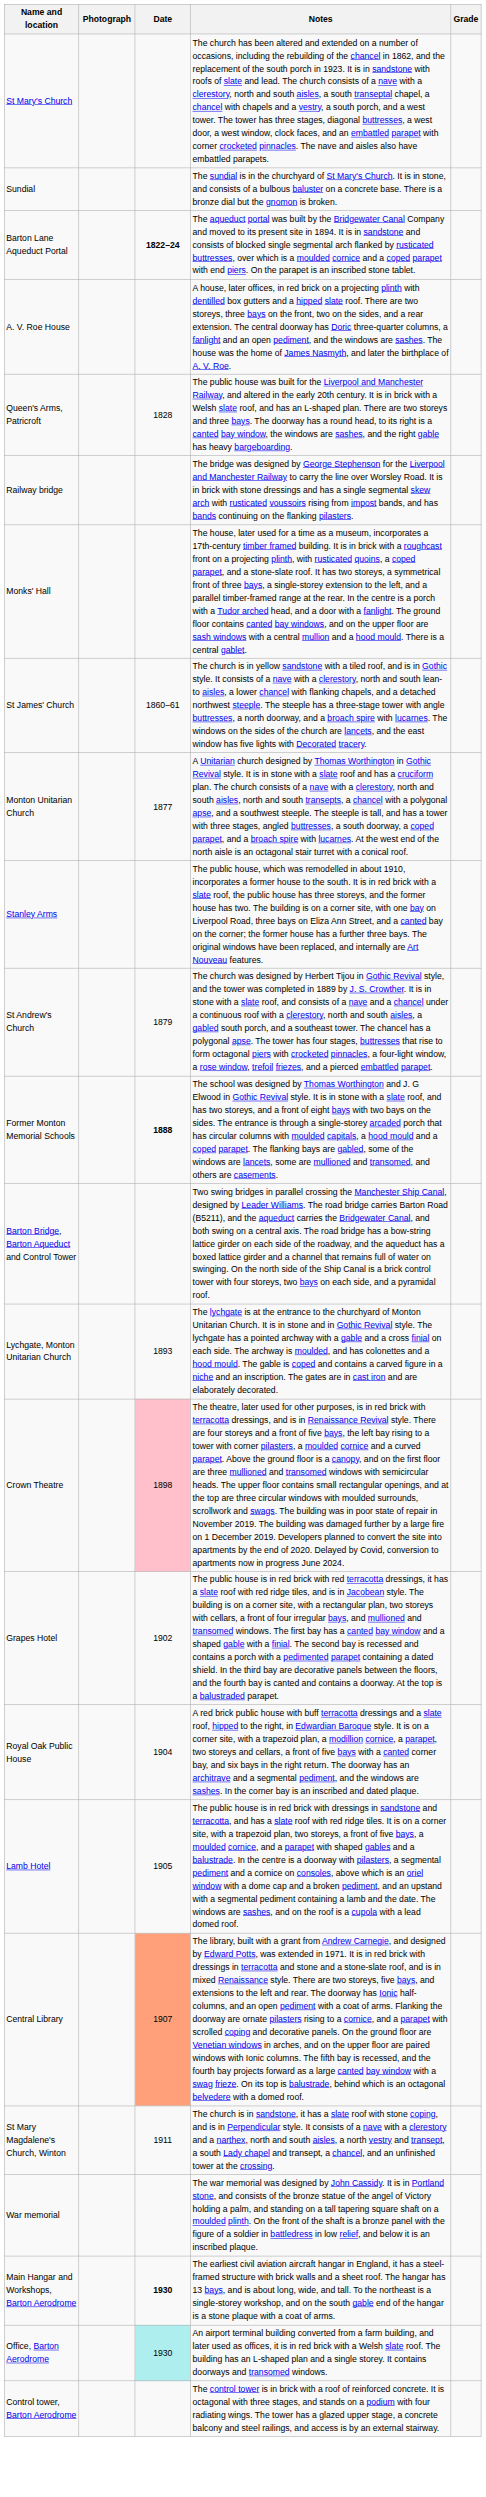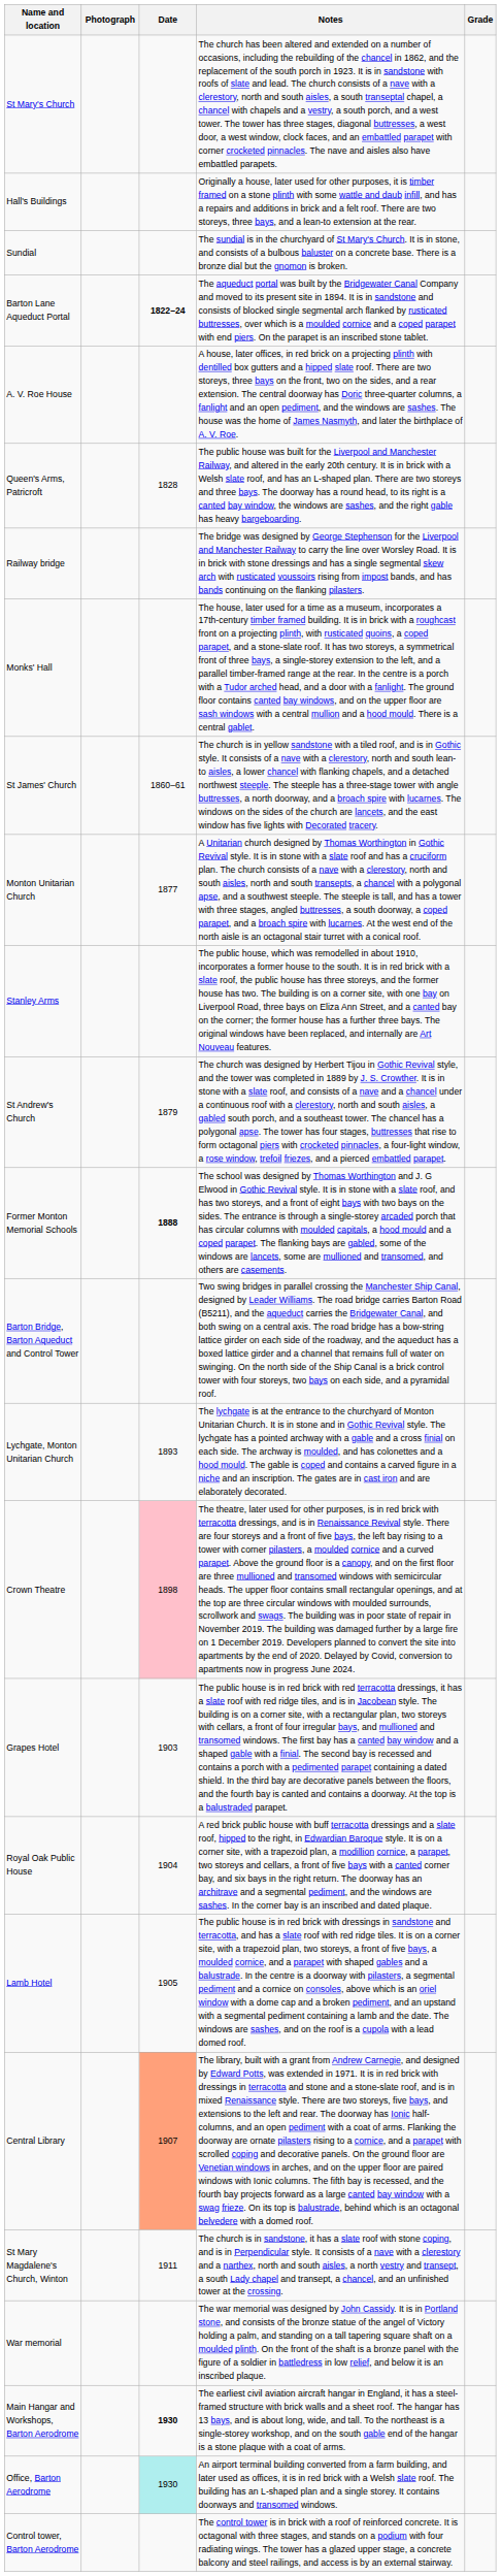 <table class="wikitable sortable plainrowheaders" style="width:100%; border:0; text-align:left; line-height:150%;">
 <tr>
 <th scope="col"  style="width:150px">Name and location</th>
 <th scope="col"  style="width:100px" class="unsortable">Photograph</th>
 <th scope="col"  style="width:120px">Date</th>
 <th scope="col"  style="width:650px" class="unsortable">Notes</th>
 <th scope="col"  style="width:50px">Grade</th>
 </tr>
 <tr>
 <td><a href='#'>St Mary's Church</a><br><small></small></td>
 <td></td>
 <td align="center"></td>
 <td>The church has been altered and extended on a number of occasions, including the rebuilding of the <a href='#'>chancel</a> in 1862, and the replacement of the south porch in 1923. It is in <a href='#'>sandstone</a> with roofs of <a href='#'>slate</a> and lead. The church consists of a <a href='#'>nave</a> with a <a href='#'>clerestory</a>, north and south <a href='#'>aisles</a>, a south <a href='#'>transeptal</a> chapel, a <a href='#'>chancel</a> with chapels and a <a href='#'>vestry</a>, a south porch, and a west tower. The tower has three stages, diagonal <a href='#'>buttresses</a>, a west door, a west window, clock faces, and an <a href='#'>embattled</a> <a href='#'>parapet</a> with corner <a href='#'>crocketed</a> <a href='#'>pinnacles</a>. The nave and aisles also have embattled parapets.</td>
+<td align="center" ></td>
+</tr>
+<tr>
+<td>Hall's Buildings<br><small></small></td>
+<td></td>
+<td align="center"></td>
+<td>Originally a house, later used for other purposes, it is <a href='#'>timber framed</a> on a stone <a href='#'>plinth</a> with some <a href='#'>wattle and daub</a> <a href='#'>infill</a>, and has a repairs and additions in brick and a felt roof. There are two storeys, three <a href='#'>bays</a>, and a lean-to extension at the rear.</td>
 <td align="center" ></td>
 </tr>
 <tr>
 <td>Sundial<br><small></small></td>
 <td></td>
 <td align="center"></td>
 <td>The <a href='#'>sundial</a> is in the churchyard of <a href='#'>St Mary's Church</a>. It is in stone, and consists of a bulbous <a href='#'>baluster</a> on a concrete base. There is a bronze dial but the <a href='#'>gnomon</a> is broken.</td>
 <td align="center" ></td>
 </tr>
 <tr>
 <td>Barton Lane Aqueduct Portal<br><small></small></td>
 <td></td>
 <td align="center"><strong>1822–24</strong></td>
 <td>The <a href='#'>aqueduct</a> <a href='#'>portal</a> was built by the <a href='#'>Bridgewater Canal</a> Company and moved to its present site in 1894. It is in <a href='#'>sandstone</a> and consists of blocked single segmental arch flanked by <a href='#'>rusticated</a> <a href='#'>buttresses</a>, over which is a <a href='#'>moulded</a> <a href='#'>cornice</a> and a <a href='#'>coped</a> <a href='#'>parapet</a> with end <a href='#'>piers</a>. On the parapet is an inscribed stone tablet.</td>
 <td align="center" ></td>
 </tr>
 <tr>
 <td>A. V. Roe House<br><small></small></td>
 <td></td>
 <td align="center"></td>
 <td>A house, later offices, in red brick on a projecting <a href='#'>plinth</a> with <a href='#'>dentilled</a> box gutters and a <a href='#'>hipped</a> <a href='#'>slate</a> roof. There are two storeys, three <a href='#'>bays</a> on the front, two on the sides, and a rear extension. The central doorway has <a href='#'>Doric</a> three-quarter columns, a <a href='#'>fanlight</a> and an open <a href='#'>pediment</a>, and the windows are <a href='#'>sashes</a>. The house was the home of <a href='#'>James Nasmyth</a>, and later the birthplace of <a href='#'>A. V. Roe</a>.</td>
 <td align="center" ></td>
 </tr>
 <tr>
 <td>Queen's Arms, Patricroft<br><small></small></td>
 <td></td>
 <td align="center">1828</td>
 <td>The public house was built for the <a href='#'>Liverpool and Manchester Railway</a>, and altered in the early 20th century. It is in brick with a Welsh <a href='#'>slate</a> roof, and has an L-shaped plan. There are two storeys and three <a href='#'>bays</a>. The doorway has a round head, to its right is a <a href='#'>canted</a> <a href='#'>bay window</a>, the windows are <a href='#'>sashes</a>, and the right <a href='#'>gable</a> has heavy <a href='#'>bargeboarding</a>.</td>
 <td align="center" ></td>
 </tr>
 <tr>
 <td>Railway bridge<br><small></small></td>
 <td></td>
 <td align="center"></td>
 <td>The bridge was designed by <a href='#'>George Stephenson</a> for the <a href='#'>Liverpool and Manchester Railway</a> to carry the line over Worsley Road. It is in brick with stone dressings and has a single segmental <a href='#'>skew arch</a> with <a href='#'>rusticated</a> <a href='#'>voussoirs</a> rising from <a href='#'>impost</a> bands, and has <a href='#'>bands</a> continuing on the flanking <a href='#'>pilasters</a>.</td>
 <td align="center" ></td>
 </tr>
 <tr>
 <td>Monks' Hall<br><small></small></td>
 <td></td>
 <td align="center"></td>
 <td>The house, later used for a time as a museum, incorporates a 17th-century <a href='#'>timber framed</a> building. It is in brick with a <a href='#'>roughcast</a> front on a projecting <a href='#'>plinth</a>, with <a href='#'>rusticated</a> <a href='#'>quoins</a>, a <a href='#'>coped</a> <a href='#'>parapet</a>, and a stone-slate roof. It has two storeys, a symmetrical front of three <a href='#'>bays</a>, a single-storey extension to the left, and a parallel timber-framed range at the rear. In the centre is a porch with a <a href='#'>Tudor arched</a> head, and a door with a <a href='#'>fanlight</a>. The ground floor contains <a href='#'>canted</a> <a href='#'>bay windows</a>, and on the upper floor are <a href='#'>sash windows</a> with a central <a href='#'>mullion</a> and a <a href='#'>hood mould</a>. There is a central <a href='#'>gablet</a>.</td>
 <td align="center" ></td>
 </tr>
 <tr>
 <td>St James' Church<br><small></small></td>
 <td></td>
 <td align="center">1860–61</td>
 <td>The church is in yellow <a href='#'>sandstone</a> with a tiled roof, and is in <a href='#'>Gothic</a> style. It consists of a <a href='#'>nave</a> with a <a href='#'>clerestory</a>, north and south lean-to <a href='#'>aisles</a>, a lower <a href='#'>chancel</a> with flanking chapels, and a detached northwest <a href='#'>steeple</a>. The steeple has a three-stage tower with angle <a href='#'>buttresses</a>, a north doorway, and a <a href='#'>broach spire</a> with <a href='#'>lucarnes</a>. The windows on the sides of the church are <a href='#'>lancets</a>, and the east window has five lights with <a href='#'>Decorated</a> <a href='#'>tracery</a>.</td>
 <td align="center" ></td>
 </tr>
 <tr>
 <td>Monton Unitarian Church<br><small></small></td>
 <td></td>
 <td align="center">1877</td>
 <td>A <a href='#'>Unitarian</a> church designed by <a href='#'>Thomas Worthington</a> in <a href='#'>Gothic Revival</a> style. It is in stone with a <a href='#'>slate</a> roof and has a <a href='#'>cruciform</a> plan. The church consists of a <a href='#'>nave</a> with a <a href='#'>clerestory</a>, north and south <a href='#'>aisles</a>, north and south <a href='#'>transepts</a>, a <a href='#'>chancel</a> with a polygonal <a href='#'>apse</a>, and a southwest steeple. The steeple is  tall, and has a tower with three stages, angled <a href='#'>buttresses</a>, a south doorway, a <a href='#'>coped</a> <a href='#'>parapet</a>, and a <a href='#'>broach spire</a> with <a href='#'>lucarnes</a>. At the west end of the north aisle is an octagonal stair turret with a conical roof.</td>
 <td align="center" ></td>
 </tr>
 <tr>
 <td><a href='#'>Stanley Arms</a><br><small></small></td>
 <td></td>
 <td align="center"></td>
 <td>The public house, which was remodelled in about 1910, incorporates a former house to the south. It is in red brick with a <a href='#'>slate</a> roof, the public house has three storeys, and the former house has two. The building is on a corner site, with one <a href='#'>bay</a> on Liverpool Road, three bays on Eliza Ann Street, and a <a href='#'>canted</a> bay on the corner; the former house has a further three bays. The original windows have been replaced, and internally are <a href='#'>Art Nouveau</a> features.</td>
 <td align="center" ></td>
 </tr>
 <tr>
 <td>St Andrew's Church<br><small></small></td>
 <td></td>
 <td align="center">1879</td>
 <td>The church was designed by Herbert Tijou in <a href='#'>Gothic Revival</a> style, and the tower was completed in 1889 by <a href='#'>J. S. Crowther</a>. It is in stone with a <a href='#'>slate</a> roof, and consists of a <a href='#'>nave</a> and a <a href='#'>chancel</a> under a continuous roof with a <a href='#'>clerestory</a>, north and south <a href='#'>aisles</a>, a <a href='#'>gabled</a> south porch, and a southeast tower. The chancel has a polygonal <a href='#'>apse</a>. The tower has four stages, <a href='#'>buttresses</a> that rise to form octagonal <a href='#'>piers</a> with <a href='#'>crocketed</a> <a href='#'>pinnacles</a>, a four-light window, a <a href='#'>rose window</a>, <a href='#'>trefoil</a> <a href='#'>friezes</a>, and a pierced <a href='#'>embattled</a> <a href='#'>parapet</a>.</td>
 <td align="center" ></td>
 </tr>
 <tr>
 <td>Former Monton Memorial Schools<br><small></small></td>
 <td></td>
 <td align="center"><strong>1888</strong></td>
 <td>The school was designed by <a href='#'>Thomas Worthington</a> and J. G Elwood in <a href='#'>Gothic Revival</a> style. It is in stone with a <a href='#'>slate</a> roof, and has two storeys, and a front of eight <a href='#'>bays</a> with two bays on the sides. The entrance is through a single-storey <a href='#'>arcaded</a> porch that has circular columns with <a href='#'>moulded</a> <a href='#'>capitals</a>, a <a href='#'>hood mould</a> and a <a href='#'>coped</a> <a href='#'>parapet</a>. The flanking bays are <a href='#'>gabled</a>, some of the windows are <a href='#'>lancets</a>, some are <a href='#'>mullioned</a> and <a href='#'>transomed</a>, and others are <a href='#'>casements</a>.</td>
 <td align="center" ></td>
 </tr>
 <tr>
 <td><a href='#'>Barton Bridge</a>, <a href='#'>Barton Aqueduct</a> and Control Tower<br><small></small></td>
 <td></td>
 <td align="center"></td>
 <td>Two swing bridges in parallel crossing the <a href='#'>Manchester Ship Canal</a>, designed by <a href='#'>Leader Williams</a>. The road bridge carries Barton Road (B5211), and the <a href='#'>aqueduct</a> carries the <a href='#'>Bridgewater Canal</a>, and both swing on a central axis. The road bridge has a bow-string lattice girder on each side of the roadway, and the aqueduct has a boxed lattice girder and a channel that remains full of water on swinging. On the north side of the Ship Canal is a brick control tower with four storeys, two <a href='#'>bays</a> on each side, and a pyramidal roof.</td>
 <td align="center" ></td>
 </tr>
 <tr>
 <td>Lychgate, Monton Unitarian Church<br><small></small></td>
 <td></td>
 <td align="center">1893</td>
 <td>The <a href='#'>lychgate</a> is at the entrance to the churchyard of Monton Unitarian Church. It is in stone and in <a href='#'>Gothic Revival</a> style. The lychgate has a pointed archway with a <a href='#'>gable</a> and a cross <a href='#'>finial</a> on each side. The archway is <a href='#'>moulded</a>, and has colonettes and a <a href='#'>hood mould</a>. The gable is <a href='#'>coped</a> and contains a carved figure in a <a href='#'>niche</a> and an inscription. The gates are in <a href='#'>cast iron</a> and are elaborately decorated.</td>
 <td align="center" ></td>
 </tr>
 <tr>
 <td>Crown Theatre<br><small></small></td>
 <td></td>
 <td align="center" style="background: pink;">1898</td>
 <td>The theatre, later used for other purposes, is in red brick with <a href='#'>terracotta</a> dressings, and is in <a href='#'>Renaissance Revival</a> style. There are four storeys and a front of five <a href='#'>bays</a>, the left bay rising to a tower with corner <a href='#'>pilasters</a>, a <a href='#'>moulded</a> <a href='#'>cornice</a> and a curved <a href='#'>parapet</a>. Above the ground floor is a <a href='#'>canopy</a>, and on the first floor are three <a href='#'>mullioned</a> and <a href='#'>transomed</a> windows with semicircular heads. The upper floor contains small rectangular openings, and at the top are three circular windows with moulded surrounds, scrollwork and <a href='#'>swags</a>. The building was in poor state of repair in November 2019. The building was damaged further by a large fire on 1 December 2019. Developers planned to convert the site into apartments by the end of 2020. Delayed by Covid, conversion to apartments now in progress June 2024.</td>
 <td align="center" ></td>
 </tr>
 <tr>
 <td>Grapes Hotel<br><small></small></td>
 <td></td>
-<td align="center">1902</td>
+<td align="center">1903</td>
 <td>The public house is in red brick with red <a href='#'>terracotta</a> dressings, it has a <a href='#'>slate</a> roof with red ridge tiles, and is in <a href='#'>Jacobean</a> style. The building is on a corner site, with a rectangular plan, two storeys with cellars, a front of four irregular <a href='#'>bays</a>, and <a href='#'>mullioned</a> and <a href='#'>transomed</a> windows. The first bay has a <a href='#'>canted</a> <a href='#'>bay window</a> and a shaped <a href='#'>gable</a> with a <a href='#'>finial</a>. The second bay is recessed and contains a porch with a <a href='#'>pedimented</a> <a href='#'>parapet</a> containing a dated shield. In the third bay are decorative panels between the floors, and the fourth bay is canted and contains a doorway. At the top is a <a href='#'>balustraded</a> parapet.</td>
 <td align="center" ></td>
 </tr>
 <tr>
 <td>Royal Oak Public House<br><small></small></td>
 <td></td>
 <td align="center">1904</td>
 <td>A red brick public house with buff <a href='#'>terracotta</a> dressings and a <a href='#'>slate</a> roof, <a href='#'>hipped</a> to the right, in <a href='#'>Edwardian Baroque</a> style. It is on a corner site, with a trapezoid plan, a <a href='#'>modillion</a> <a href='#'>cornice</a>, a <a href='#'>parapet</a>, two storeys and cellars, a front of five <a href='#'>bays</a> with a <a href='#'>canted</a> corner bay, and six bays in the right return. The doorway has an <a href='#'>architrave</a> and a segmental <a href='#'>pediment</a>, and the windows are <a href='#'>sashes</a>. In the corner bay is an inscribed and dated plaque.</td>
 <td align="center" ></td>
 </tr>
 <tr>
 <td><a href='#'>Lamb Hotel</a><br><small></small></td>
 <td></td>
 <td align="center">1905</td>
 <td>The public house is in red brick with dressings in <a href='#'>sandstone</a> and <a href='#'>terracotta</a>, and has a <a href='#'>slate</a> roof with red ridge tiles. It is on a corner site, with a trapezoid plan, two storeys, a front of five <a href='#'>bays</a>, a <a href='#'>moulded</a> <a href='#'>cornice</a>, and a <a href='#'>parapet</a> with shaped <a href='#'>gables</a> and a <a href='#'>balustrade</a>. In the centre is a doorway with <a href='#'>pilasters</a>, a segmental <a href='#'>pediment</a> and a cornice on <a href='#'>consoles</a>, above which is an <a href='#'>oriel window</a> with a dome cap and a broken <a href='#'>pediment</a>, and an upstand with a segmental pediment containing a lamb and the date. The windows are <a href='#'>sashes</a>, and on the roof is a <a href='#'>cupola</a> with a lead domed roof.</td>
 <td align="center" ></td>
 </tr>
 <tr>
 <td>Central Library<br><small></small></td>
 <td></td>
 <td align="center" style="background: lightsalmon;">1907</td>
 <td>The library, built with a grant from <a href='#'>Andrew Carnegie</a>, and designed by <a href='#'>Edward Potts</a>, was extended in 1971. It is in red brick with dressings in <a href='#'>terracotta</a> and stone and a stone-slate roof, and is in mixed <a href='#'>Renaissance</a> style. There are two storeys, five <a href='#'>bays</a>, and extensions to the left and rear. The doorway has <a href='#'>Ionic</a> half-columns, and an open <a href='#'>pediment</a> with a coat of arms. Flanking the doorway are ornate <a href='#'>pilasters</a> rising to a <a href='#'>cornice</a>, and a <a href='#'>parapet</a> with scrolled <a href='#'>coping</a> and decorative panels. On the ground floor are <a href='#'>Venetian windows</a> in arches, and on the upper floor are paired windows with Ionic columns. The fifth bay is recessed, and the fourth bay projects forward as a large <a href='#'>canted</a> <a href='#'>bay window</a> with a <a href='#'>swag</a> <a href='#'>frieze</a>. On its top is <a href='#'>balustrade</a>, behind which is an octagonal <a href='#'>belvedere</a> with a domed roof.</td>
 <td align="center" ></td>
 </tr>
 <tr>
 <td>St Mary Magdalene's Church, Winton<br><small></small></td>
 <td></td>
 <td align="center">1911</td>
 <td>The church is in <a href='#'>sandstone</a>, it has a <a href='#'>slate</a> roof with stone <a href='#'>coping</a>, and is in <a href='#'>Perpendicular</a> style. It consists of a <a href='#'>nave</a> with a <a href='#'>clerestory</a> and a <a href='#'>narthex</a>, north and south <a href='#'>aisles</a>, a north <a href='#'>vestry</a> and <a href='#'>transept</a>, a south <a href='#'>Lady chapel</a> and transept, a <a href='#'>chancel</a>, and an unfinished tower at the <a href='#'>crossing</a>.</td>
 <td align="center" ></td>
 </tr>
 <tr>
 <td>War memorial<br><small></small></td>
 <td></td>
 <td align="center"></td>
 <td>The war memorial was designed by <a href='#'>John Cassidy</a>. It is in <a href='#'>Portland stone</a>, and consists of the bronze statue of the angel of Victory holding a palm, and standing on a tall tapering square shaft on a <a href='#'>moulded</a> <a href='#'>plinth</a>. On the front of the shaft is a bronze panel with the figure of a soldier in <a href='#'>battledress</a> in low <a href='#'>relief</a>, and below it is an inscribed plaque.</td>
 <td align="center" ></td>
 </tr>
 <tr>
 <td>Main Hangar and Workshops,<br><a href='#'>Barton Aerodrome</a><br><small></small></td>
 <td></td>
 <td align="center"><strong>1930</strong></td>
 <td>The earliest civil aviation aircraft hangar in England, it has a steel-framed structure with brick walls and a sheet roof. The hangar has 13 <a href='#'>bays</a>, and is about  long,  wide, and  tall. To the northeast is a single-storey workshop, and on the south <a href='#'>gable</a> end of the hangar is a stone plaque with a coat of arms.</td>
 <td align="center" ></td>
 </tr>
 <tr>
 <td>Office, <a href='#'>Barton Aerodrome</a></td>
 <td></td>
 <td align="center" style="background: paleturquoise;">1930</td>
 <td>An airport terminal building converted from a farm building, and later used as offices, it is in red brick with a Welsh <a href='#'>slate</a> roof. The building has an L-shaped plan and a single storey. It contains doorways and <a href='#'>transomed</a> windows.</td>
 <td align="center" ></td>
 </tr>
 <tr>
 <td>Control tower, <a href='#'>Barton Aerodrome</a><br><small></small></td>
 <td></td>
 <td align="center"></td>
 <td>The <a href='#'>control tower</a> is in brick with a roof of reinforced concrete. It is octagonal with three stages, and stands on a <a href='#'>podium</a> with four radiating wings. The tower has a glazed upper stage, a concrete balcony and steel railings, and access is by an external stairway.</td>
 <td align="center" ></td>
 </tr>
 <tr>
 </tr>
 </table>
